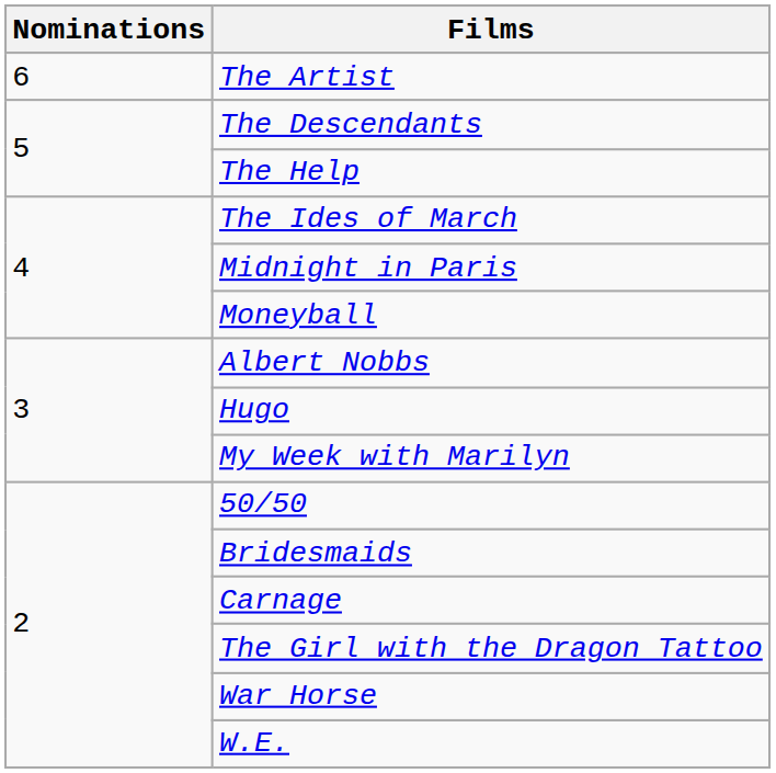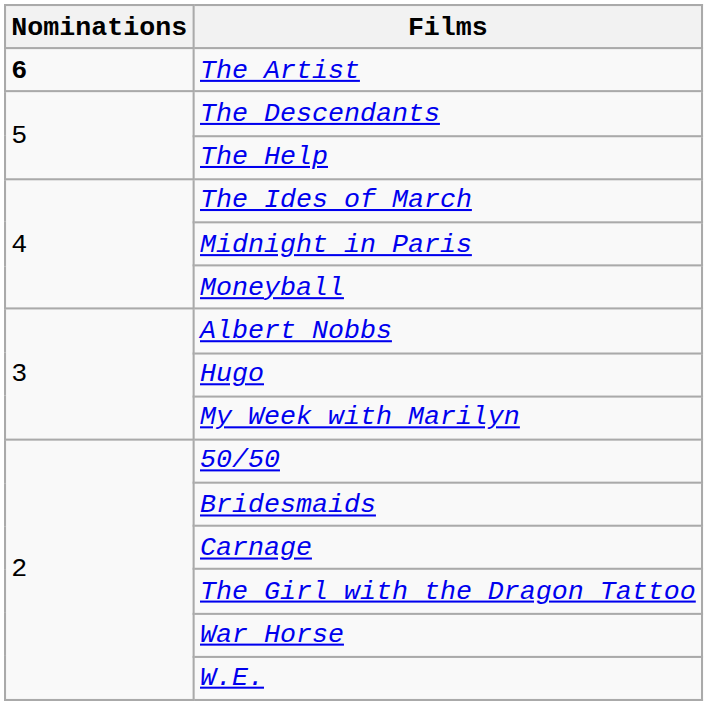 <table class="wikitable">
 <tr>
 <th>Nominations</th>
 <th>Films</th>
 </tr>
 <tr>
-<td>6</td>
+<td><strong>6</strong></td>
 <td><em><a href='#'>The Artist</a></em></td>
 </tr>
 <tr>
 <td rowspan="2">5</td>
 <td><em><a href='#'>The Descendants</a></em></td>
 </tr>
 <tr>
 <td><em><a href='#'>The Help</a></em></td>
 </tr>
 <tr>
 <td rowspan="3">4</td>
 <td><em><a href='#'>The Ides of March</a></em></td>
 </tr>
 <tr>
 <td><em><a href='#'>Midnight in Paris</a></em></td>
 </tr>
 <tr>
 <td><em><a href='#'>Moneyball</a></em></td>
 </tr>
 <tr>
 <td rowspan="3">3</td>
 <td><em><a href='#'>Albert Nobbs</a></em></td>
 </tr>
 <tr>
 <td><em><a href='#'>Hugo</a></em></td>
 </tr>
 <tr>
 <td><em><a href='#'>My Week with Marilyn</a></em></td>
 </tr>
 <tr>
 <td rowspan="6">2</td>
 <td><em><a href='#'>50/50</a></em></td>
 </tr>
 <tr>
 <td><em><a href='#'>Bridesmaids</a></em></td>
 </tr>
 <tr>
 <td><em><a href='#'>Carnage</a></em></td>
 </tr>
 <tr>
 <td><em><a href='#'>The Girl with the Dragon Tattoo</a></em></td>
 </tr>
 <tr>
 <td><em><a href='#'>War Horse</a></em></td>
 </tr>
 <tr>
 <td><em><a href='#'>W.E.</a></em></td>
 </tr>
 </table>
